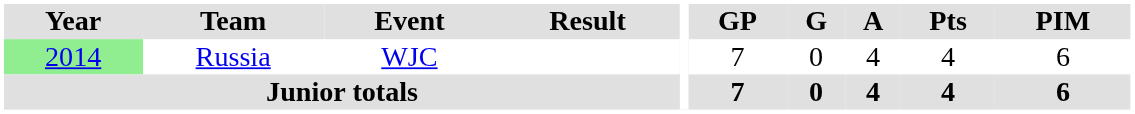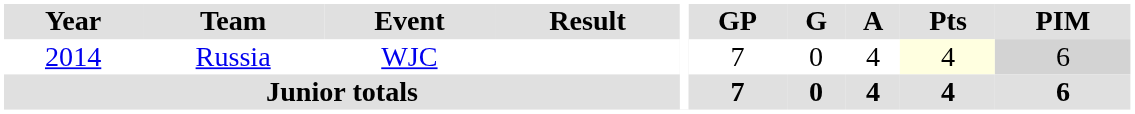 <table border="0" cellpadding="1" cellspacing="0" ID="Table3" style="text-align:center; width:40em">
 <tr ALIGN="center" bgcolor="#e0e0e0">
 <th>Year</th>
 <th>Team</th>
 <th>Event</th>
 <th>Result</th>
 <th rowspan="99" bgcolor="#ffffff"></th>
 <th>GP</th>
 <th>G</th>
 <th>A</th>
 <th>Pts</th>
 <th>PIM</th>
 </tr>
 <tr>
-<td style="background: lightgreen;"><a href='#'>2014</a></td>
+<td><a href='#'>2014</a></td>
 <td><a href='#'>Russia</a></td>
 <td><a href='#'>WJC</a></td>
 <td></td>
 <td>7</td>
 <td>0</td>
 <td>4</td>
-<td>4</td>
-<td>6</td>
+<td style="background: lightyellow;">4</td>
+<td style="background: lightgrey;">6</td>
 </tr>
 <tr bgcolor="#e0e0e0">
 <th colspan="4">Junior totals</th>
 <th>7</th>
 <th>0</th>
 <th>4</th>
 <th>4</th>
 <th>6</th>
 </tr>
 </table>
